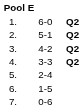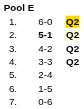 <table style="text-align:center">
 <tr>
 <td colspan=4 align=left><strong>Pool E</strong></td>
 </tr>
 <tr>
 <td width=30>1.</td>
 <td align=left></td>
 <td width=60>6-0</td>
-<td><strong>Q2</strong></td>
+<td style="background: gold;"><strong>Q2</strong></td>
 </tr>
 <tr>
 <td>2.</td>
 <td align=left></td>
-<td>5-1</td>
-<td><strong>Q2</strong></td>
+<td><strong>5-1</strong></td>
+<td style="background: lightyellow;"><strong>Q2</strong></td>
 </tr>
 <tr>
 <td>3.</td>
 <td align=left></td>
 <td>4-2</td>
 <td><strong>Q2</strong></td>
 </tr>
 <tr>
 <td>4.</td>
 <td align=left></td>
 <td>3-3</td>
 <td><strong>Q2</strong></td>
 </tr>
 <tr>
 <td>5.</td>
 <td align=left></td>
 <td>2-4</td>
 <td></td>
 </tr>
 <tr>
 <td>6.</td>
 <td align=left></td>
 <td>1-5</td>
 <td></td>
 </tr>
 <tr>
 <td>7.</td>
 <td align=left></td>
 <td>0-6</td>
 <td></td>
 </tr>
 </table>
